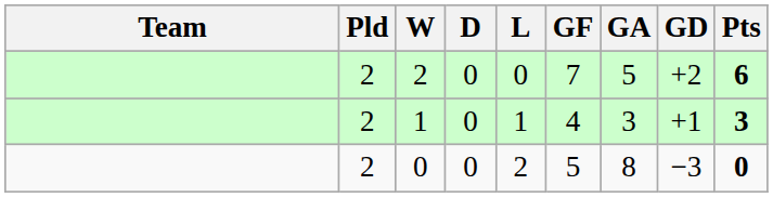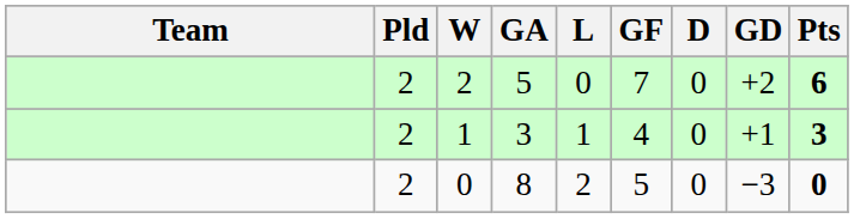 <table class="wikitable" style="text-align: center;">
 <tr>
 <th width="175">Team</th>
 <th width="20">Pld</th>
 <th width="20">W</th>
-<th width="20">D</th>
+<th width="20">GA</th>
 <th width="20">L</th>
 <th width="20">GF</th>
-<th width="20">GA</th>
+<th width="20">D</th>
 <th width="20">GD</th>
 <th width="20">Pts</th>
 </tr>
 <tr bgcolor="#ccffcc">
 <td align="left"></td>
 <td>2</td>
 <td>2</td>
-<td>0</td>
+<td>5</td>
 <td>0</td>
 <td>7</td>
-<td>5</td>
+<td>0</td>
 <td>+2</td>
 <td><strong>6</strong></td>
 </tr>
 <tr bgcolor="#ccffcc">
 <td align="left"></td>
 <td>2</td>
 <td>1</td>
-<td>0</td>
+<td>3</td>
 <td>1</td>
 <td>4</td>
-<td>3</td>
+<td>0</td>
 <td>+1</td>
 <td><strong>3</strong></td>
 </tr>
 <tr>
 <td align="left"></td>
 <td>2</td>
 <td>0</td>
-<td>0</td>
+<td>8</td>
 <td>2</td>
 <td>5</td>
-<td>8</td>
+<td>0</td>
 <td>−3</td>
 <td><strong>0</strong></td>
 </tr>
 </table>
